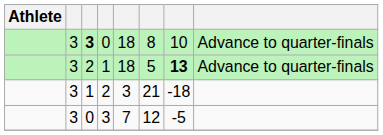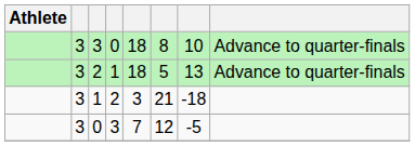 <table class=wikitable style="text-align:center">
 <tr>
 <th>Athlete</th>
 <th></th>
 <th></th>
 <th></th>
 <th></th>
 <th></th>
 <th></th>
 <th></th>
 </tr>
 <tr bgcolor=bbf3bb>
 <td style="text-align:left"></td>
 <td>3</td>
-<td><strong>3</strong></td>
+<td>3</td>
 <td>0</td>
 <td>18</td>
 <td>8</td>
 <td>10</td>
 <td>Advance to quarter-finals</td>
 </tr>
 <tr bgcolor=bbf3bb>
 <td style="text-align:left"></td>
 <td>3</td>
 <td>2</td>
 <td>1</td>
 <td>18</td>
 <td>5</td>
-<td><strong>13</strong></td>
+<td>13</td>
 <td>Advance to quarter-finals</td>
 </tr>
 <tr>
 <td style="text-align:left"></td>
 <td>3</td>
 <td>1</td>
 <td>2</td>
 <td>3</td>
 <td>21</td>
 <td>-18</td>
 <td></td>
 </tr>
 <tr>
 <td style="text-align:left"></td>
 <td>3</td>
 <td>0</td>
 <td>3</td>
 <td>7</td>
 <td>12</td>
 <td>-5</td>
 <td></td>
 </tr>
 <tr>
 </tr>
 </table>
